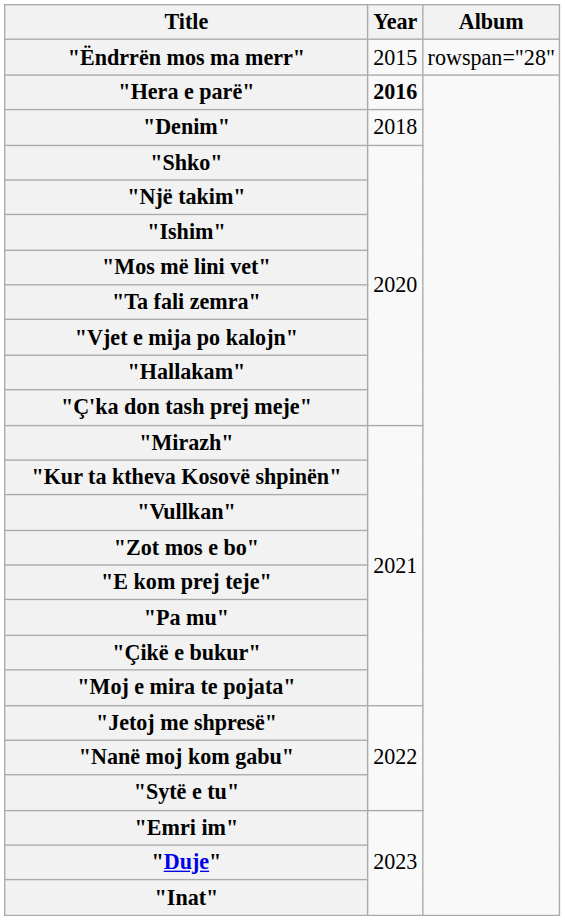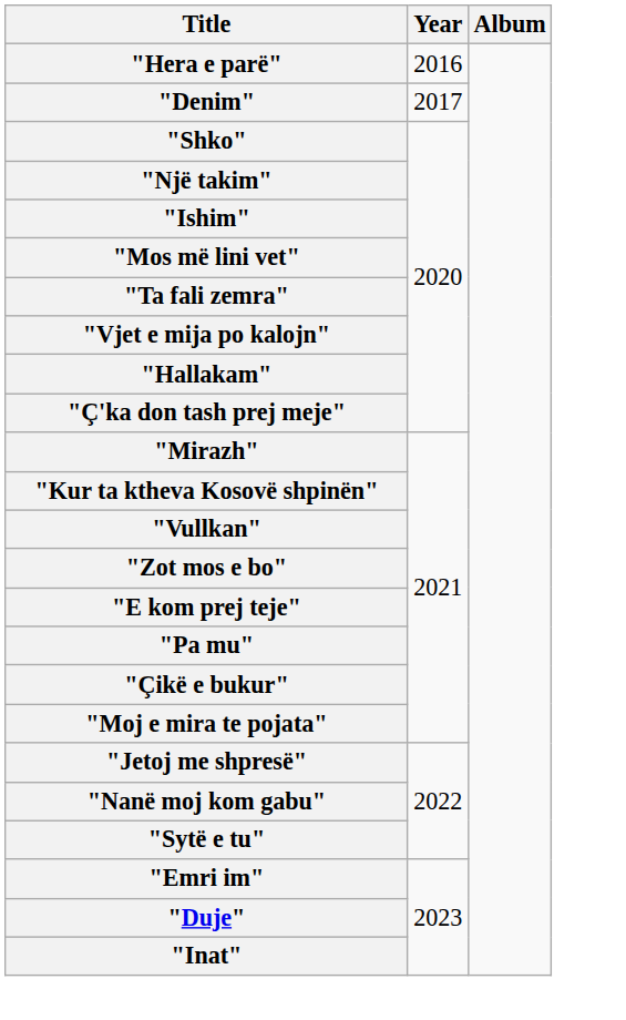 <table class="wikitable plainrowheaders" style="text-align:center;">
 <tr>
 <th scope="col" style="width:16em;">Title</th>
 <th scope="col" style="width:1em;">Year</th>
 <th>Album</th>
 </tr>
 <tr>
-<th scope="row">"Ëndrrën mos ma merr"</th>
-<td>2015</td>
-<td>rowspan="28" </td>
-</tr>
-<tr>
 <th scope="row">"Hera e parë"</th>
-<td><strong>2016</strong></td>
+<td>2016</td>
 </tr>
 <tr>
 <th scope="row">"Denim"<br></th>
-<td>2018</td>
+<td>2017</td>
 </tr>
 <tr>
 <th scope="row">"Shko"</th>
 <td rowspan="8">2020</td>
 </tr>
 <tr>
 <th scope="row">"Një takim"<br></th>
 </tr>
 <tr>
 <th scope="row">"Ishim"</th>
 </tr>
 <tr>
 <th scope="row">"Mos më lini vet"</th>
 </tr>
 <tr>
 <th scope="row">"Ta fali zemra"</th>
 </tr>
 <tr>
 <th scope="row">"Vjet e mija po kalojn"</th>
 </tr>
 <tr>
 <th scope="row">"Hallakam"<br></th>
 </tr>
 <tr>
 <th scope="row">"Ç'ka don tash prej meje"<br></th>
 </tr>
 <tr>
 <th scope="row">"Mirazh"</th>
 <td rowspan="8">2021</td>
 </tr>
 <tr>
 <th scope="row">"Kur ta ktheva Kosovë shpinën"</th>
 </tr>
 <tr>
 <th scope="row">"Vullkan"</th>
 </tr>
 <tr>
 <th scope="row">"Zot mos e bo"</th>
 </tr>
 <tr>
 <th scope="row">"E kom prej teje"</th>
 </tr>
 <tr>
 <th scope="row">"Pa mu"</th>
 </tr>
 <tr>
 <th scope="row">"Çikë e bukur"</th>
 </tr>
 <tr>
 <th scope="row">"Moj e mira te pojata"</th>
 </tr>
 <tr>
 <th scope="row">"Jetoj me shpresë"</th>
 <td rowspan="3">2022</td>
 </tr>
 <tr>
 <th scope="row">"Nanë moj kom gabu"</th>
 </tr>
 <tr>
 <th scope="row">"Sytë e tu"</th>
 </tr>
 <tr>
 <th scope="row">"Emri im"</th>
 <td rowspan="3">2023</td>
 </tr>
 <tr>
 <th scope="row">"<a href='#'>Duje</a>"</th>
 </tr>
 <tr>
 <th scope="row">"Inat"</th>
 </tr>
 </table>
